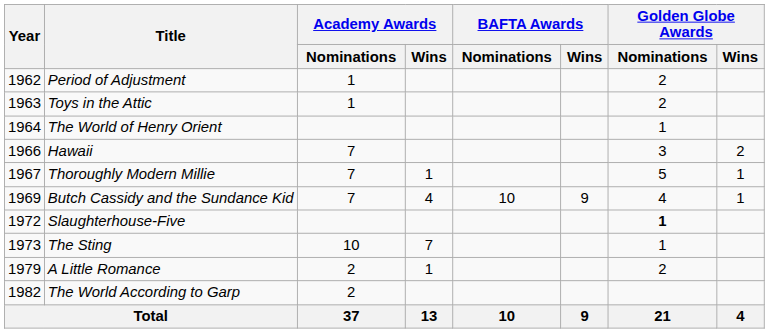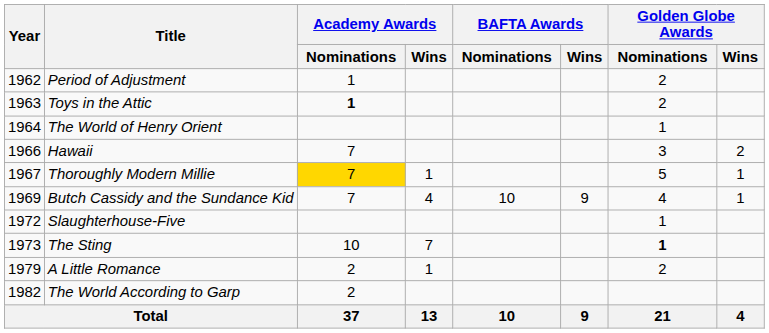 <table class="wikitable">
 <tr>
 <th rowspan="2">Year</th>
 <th rowspan="2">Title</th>
 <th colspan="2" width=160 style="text-align:center;"><a href='#'>Academy Awards</a></th>
 <th colspan="2" width=160 style="text-align:center;"><a href='#'>BAFTA Awards</a></th>
 <th colspan="2" width=160 style="text-align:center;"><a href='#'>Golden Globe Awards</a></th>
 </tr>
 <tr>
 <th>Nominations</th>
 <th>Wins</th>
 <th>Nominations</th>
 <th>Wins</th>
 <th>Nominations</th>
 <th>Wins</th>
 </tr>
 <tr>
 <td>1962</td>
 <td><em>Period of Adjustment</em></td>
 <td align=center>1</td>
 <td></td>
 <td></td>
 <td></td>
 <td align=center>2</td>
 <td></td>
 </tr>
 <tr>
 <td>1963</td>
 <td><em>Toys in the Attic</em></td>
-<td align=center>1</td>
+<td align=center><strong>1</strong></td>
 <td></td>
 <td></td>
 <td></td>
 <td align=center>2</td>
 <td></td>
 </tr>
 <tr>
 <td>1964</td>
 <td><em>The World of Henry Orient</em></td>
 <td></td>
 <td></td>
 <td></td>
 <td></td>
 <td align=center>1</td>
 <td></td>
 </tr>
 <tr>
 <td>1966</td>
 <td><em>Hawaii</em></td>
 <td align=center>7</td>
 <td></td>
 <td></td>
 <td></td>
 <td align=center>3</td>
 <td align=center>2</td>
 </tr>
 <tr>
 <td>1967</td>
 <td><em>Thoroughly Modern Millie</em></td>
-<td align=center>7</td>
+<td align=center style="background: gold;">7</td>
 <td align=center>1</td>
 <td></td>
 <td></td>
 <td align=center>5</td>
 <td align=center>1</td>
 </tr>
 <tr>
 <td>1969</td>
 <td><em>Butch Cassidy and the Sundance Kid</em></td>
 <td align=center>7</td>
 <td align=center>4</td>
 <td align=center>10</td>
 <td align=center>9</td>
 <td align=center>4</td>
 <td align=center>1</td>
 </tr>
 <tr>
 <td>1972</td>
 <td><em>Slaughterhouse-Five</em></td>
 <td></td>
 <td></td>
 <td></td>
 <td></td>
-<td align=center><strong>1</strong></td>
+<td align=center>1</td>
 <td></td>
 </tr>
 <tr>
 <td>1973</td>
 <td><em>The Sting</em></td>
 <td align=center>10</td>
 <td align=center>7</td>
 <td></td>
 <td></td>
-<td align=center>1</td>
+<td align=center><strong>1</strong></td>
 <td></td>
 </tr>
 <tr>
 <td>1979</td>
 <td><em>A Little Romance</em></td>
 <td align=center>2</td>
 <td align=center>1</td>
 <td></td>
 <td></td>
 <td align=center>2</td>
 <td></td>
 </tr>
 <tr>
 <td>1982</td>
 <td><em>The World According to Garp</em></td>
 <td align=center>2</td>
 <td></td>
 <td></td>
 <td></td>
 <td></td>
 <td></td>
 </tr>
 <tr>
 <th colspan="2">Total</th>
 <th align=center>37</th>
 <th align=center>13</th>
 <th align=center>10</th>
 <th align=center>9</th>
 <th align=center>21</th>
 <th align=center>4</th>
 </tr>
 </table>
